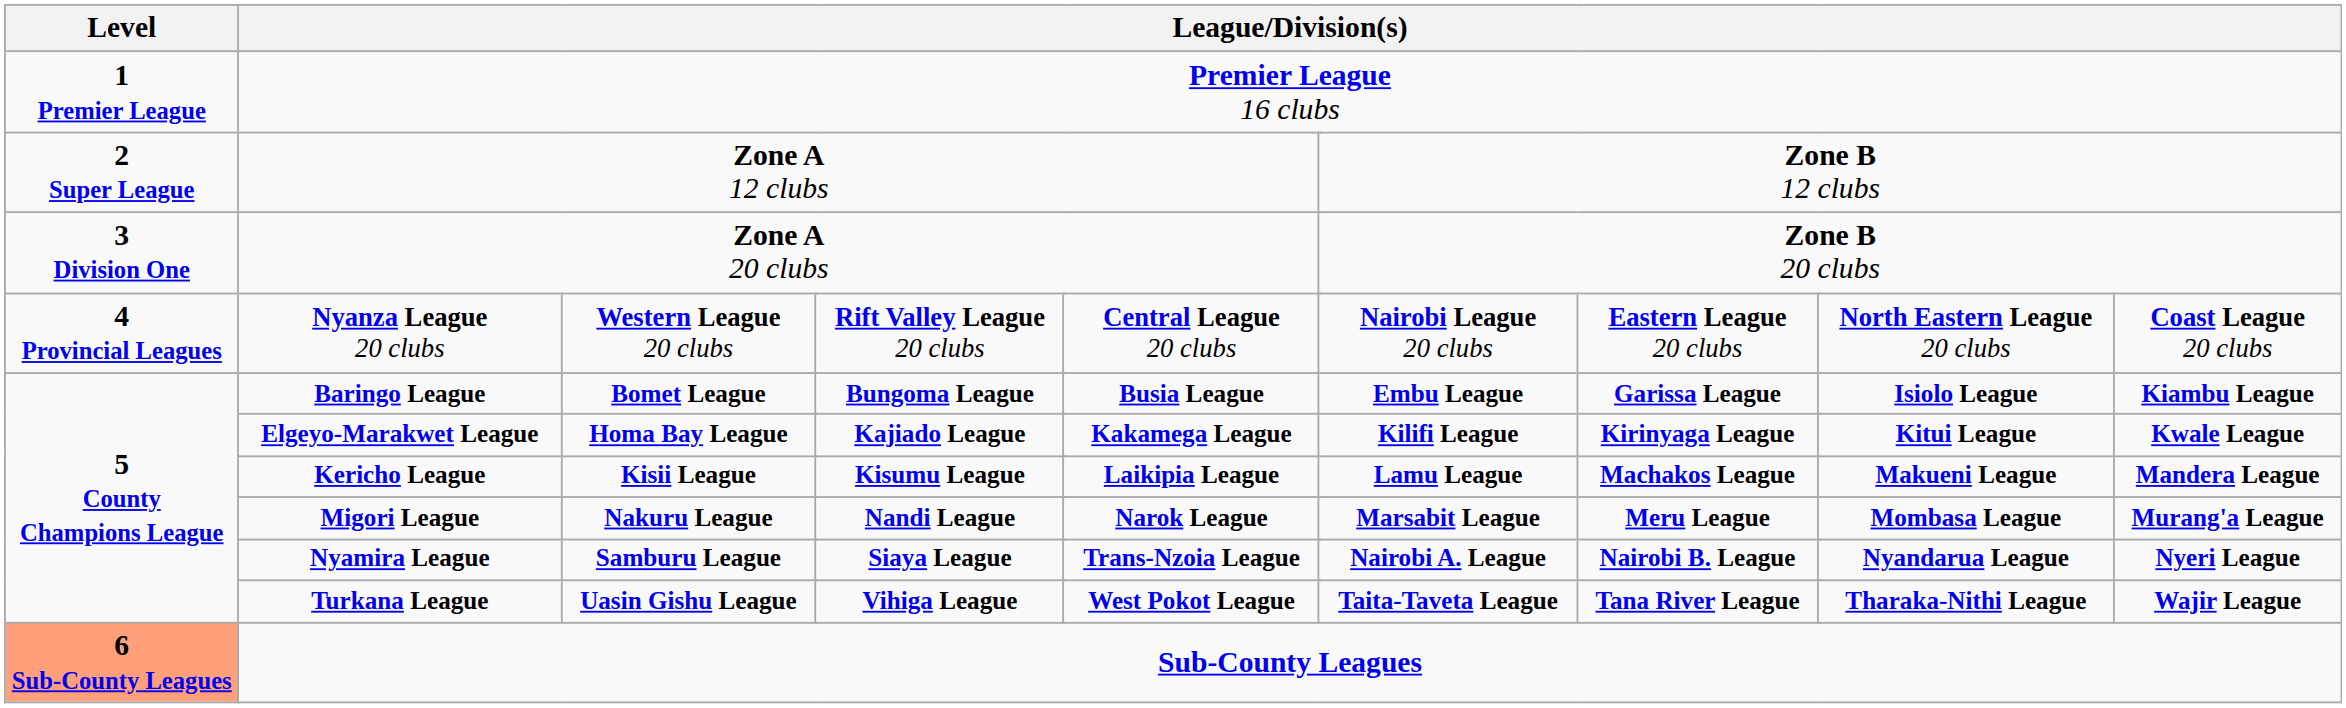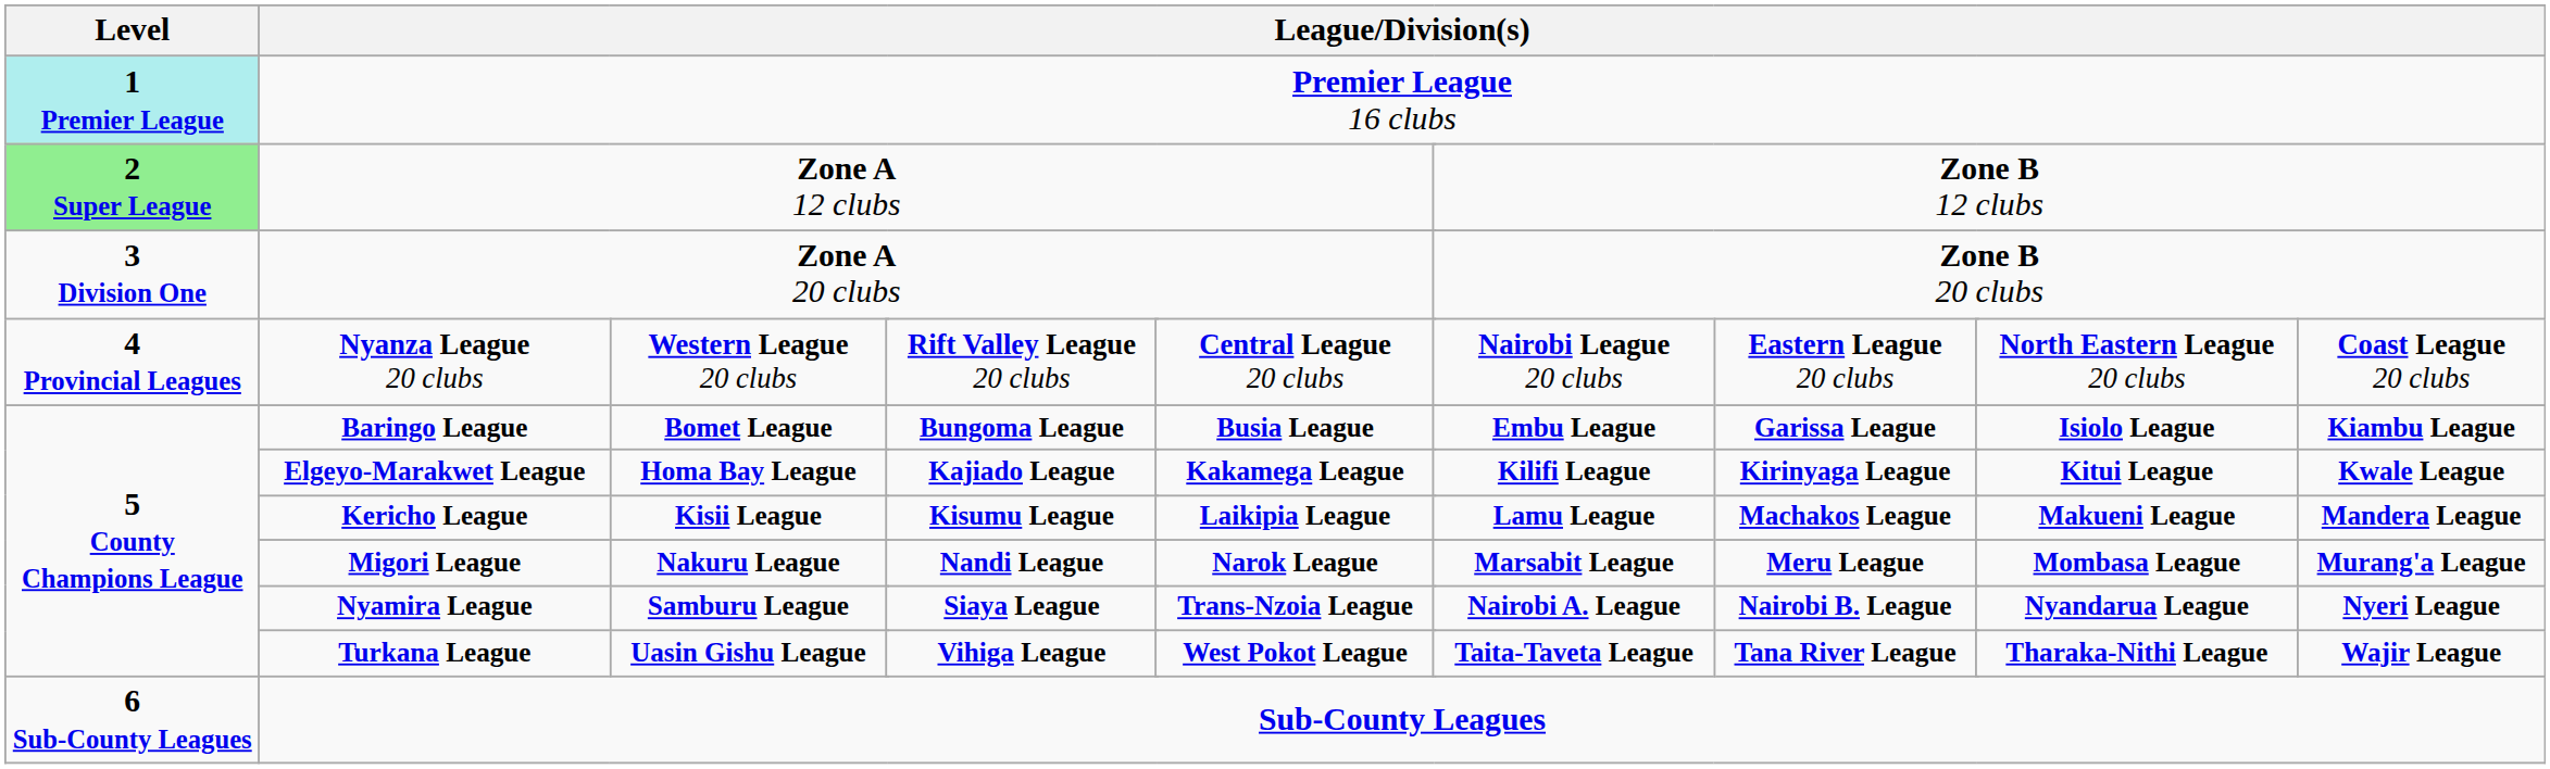 <table class="wikitable" align="center" style="width: 100%; text-align: center;">
 <tr>
 <th width="10%">Level</th>
 <th colspan="64">League/Division(s)</th>
 </tr>
 <tr>
-<td><strong>1</strong><br><small><strong><a href='#'>Premier League</a></strong></small></td>
+<td style="background: paleturquoise;"><strong>1</strong><br><small><strong><a href='#'>Premier League</a></strong></small></td>
 <td colspan="64"><strong><a href='#'>Premier League</a></strong><br><em>16 clubs</em></td>
 </tr>
 <tr>
-<td><strong>2</strong><br><small><strong><a href='#'>Super League</a></strong></small></td>
+<td style="background: lightgreen;"><strong>2</strong><br><small><strong><a href='#'>Super League</a></strong></small></td>
 <td colspan="32"><strong>Zone A</strong><br><em>12 clubs</em></td>
 <td colspan="32"><strong>Zone B</strong><br><em>12 clubs</em></td>
 </tr>
 <tr>
 <td><strong>3</strong><br><small><strong><a href='#'>Division One</a></strong></small></td>
 <td colspan="32"><strong>Zone A</strong><br><em>20 clubs</em></td>
 <td colspan="32"><strong>Zone B</strong><br><em>20 clubs</em></td>
 </tr>
 <tr>
 <td><strong>4</strong><br><small><strong><a href='#'>Provincial Leagues</a></strong></small></td>
 <td style="font-size: 90%;" colspan="8"><strong><a href='#'>Nyanza</a> League</strong><br><em>20 clubs</em></td>
 <td style="font-size: 90%;" colspan="8"><strong><a href='#'>Western</a> League</strong><br><em>20 clubs</em></td>
 <td style="font-size: 90%;" colspan="8"><strong><a href='#'>Rift Valley</a> League</strong><br><em>20 clubs</em></td>
 <td style="font-size: 90%;" colspan="8"><strong><a href='#'>Central</a> League</strong><br><em>20 clubs</em></td>
 <td style="font-size: 90%;" colspan="8"><strong><a href='#'>Nairobi</a> League</strong><br><em>20 clubs</em></td>
 <td style="font-size: 90%;" colspan="8"><strong><a href='#'>Eastern</a> League</strong><br><em>20 clubs</em></td>
 <td style="font-size: 90%;" colspan="8"><strong><a href='#'>North Eastern</a> League</strong><br><em>20 clubs</em></td>
 <td style="font-size: 90%;" colspan="8"><strong><a href='#'>Coast</a> League</strong><br><em>20 clubs</em></td>
 </tr>
 <tr>
 <td rowspan="6"><strong>5</strong><br><small><strong><a href='#'>County<br>Champions League</a></strong></small></td>
 <td style="font-size: 85%;" colspan="8"><strong><a href='#'>Baringo</a> League</strong></td>
 <td style="font-size: 85%;" colspan="8"><strong><a href='#'>Bomet</a> League</strong></td>
 <td style="font-size: 85%;" colspan="8"><strong><a href='#'>Bungoma</a> League</strong></td>
 <td style="font-size: 85%;" colspan="8"><strong><a href='#'>Busia</a> League</strong></td>
 <td style="font-size: 85%;" colspan="8"><strong><a href='#'>Embu</a> League</strong></td>
 <td style="font-size: 85%;" colspan="8"><strong><a href='#'>Garissa</a> League</strong></td>
 <td style="font-size: 85%;" colspan="8"><strong><a href='#'>Isiolo</a> League</strong></td>
 <td style="font-size: 85%;" colspan="8"><strong><a href='#'>Kiambu</a> League</strong></td>
 </tr>
 <tr>
 <td style="font-size: 85%;" colspan="8"><strong><a href='#'>Elgeyo-Marakwet</a> League</strong></td>
 <td style="font-size: 85%;" colspan="8"><strong><a href='#'>Homa Bay</a> League</strong></td>
 <td style="font-size: 85%;" colspan="8"><strong><a href='#'>Kajiado</a> League</strong></td>
 <td style="font-size: 85%;" colspan="8"><strong><a href='#'>Kakamega</a> League</strong></td>
 <td style="font-size: 85%;" colspan="8"><strong><a href='#'>Kilifi</a> League</strong></td>
 <td style="font-size: 85%;" colspan="8"><strong><a href='#'>Kirinyaga</a> League</strong></td>
 <td style="font-size: 85%;" colspan="8"><strong><a href='#'>Kitui</a> League</strong></td>
 <td style="font-size: 85%;" colspan="8"><strong><a href='#'>Kwale</a> League</strong></td>
 </tr>
 <tr>
 <td style="font-size: 85%;" colspan="8"><strong><a href='#'>Kericho</a> League</strong></td>
 <td style="font-size: 85%;" colspan="8"><strong><a href='#'>Kisii</a> League</strong></td>
 <td style="font-size: 85%;" colspan="8"><strong><a href='#'>Kisumu</a> League</strong></td>
 <td style="font-size: 85%;" colspan="8"><strong><a href='#'>Laikipia</a> League</strong></td>
 <td style="font-size: 85%;" colspan="8"><strong><a href='#'>Lamu</a> League</strong></td>
 <td style="font-size: 85%;" colspan="8"><strong><a href='#'>Machakos</a> League</strong></td>
 <td style="font-size: 85%;" colspan="8"><strong><a href='#'>Makueni</a> League</strong></td>
 <td style="font-size: 85%;" colspan="8"><strong><a href='#'>Mandera</a> League</strong></td>
 </tr>
 <tr>
 <td style="font-size: 85%;" colspan="8"><strong><a href='#'>Migori</a> League</strong></td>
 <td style="font-size: 85%;" colspan="8"><strong><a href='#'>Nakuru</a> League</strong></td>
 <td style="font-size: 85%;" colspan="8"><strong><a href='#'>Nandi</a> League</strong></td>
 <td style="font-size: 85%;" colspan="8"><strong><a href='#'>Narok</a> League</strong></td>
 <td style="font-size: 85%;" colspan="8"><strong><a href='#'>Marsabit</a> League</strong></td>
 <td style="font-size: 85%;" colspan="8"><strong><a href='#'>Meru</a> League</strong></td>
 <td style="font-size: 85%;" colspan="8"><strong><a href='#'>Mombasa</a> League</strong></td>
 <td style="font-size: 85%;" colspan="8"><strong><a href='#'>Murang'a</a> League</strong></td>
 </tr>
 <tr>
 <td style="font-size: 85%;" colspan="8"><strong><a href='#'>Nyamira</a> League</strong></td>
 <td style="font-size: 85%;" colspan="8"><strong><a href='#'>Samburu</a> League</strong></td>
 <td style="font-size: 85%;" colspan="8"><strong><a href='#'>Siaya</a> League</strong></td>
 <td style="font-size: 85%;" colspan="8"><strong><a href='#'>Trans-Nzoia</a> League</strong></td>
 <td style="font-size: 85%;" colspan="8"><strong><a href='#'>Nairobi A.</a> League</strong></td>
 <td style="font-size: 85%;" colspan="8"><strong><a href='#'>Nairobi B.</a> League</strong></td>
 <td style="font-size: 85%;" colspan="8"><strong><a href='#'>Nyandarua</a> League</strong></td>
 <td style="font-size: 85%;" colspan="8"><strong><a href='#'>Nyeri</a> League</strong></td>
 </tr>
 <tr>
 <td style="font-size: 85%;" colspan="8"><strong><a href='#'>Turkana</a> League</strong></td>
 <td style="font-size: 85%;" colspan="8"><strong><a href='#'>Uasin Gishu</a> League</strong></td>
 <td style="font-size: 85%;" colspan="8"><strong><a href='#'>Vihiga</a> League</strong></td>
 <td style="font-size: 85%;" colspan="8"><strong><a href='#'>West Pokot</a> League</strong></td>
 <td style="font-size: 85%;" colspan="8"><strong><a href='#'>Taita-Taveta</a> League</strong></td>
 <td style="font-size: 85%;" colspan="8"><strong><a href='#'>Tana River</a> League</strong></td>
 <td style="font-size: 85%;" colspan="8"><strong><a href='#'>Tharaka-Nithi</a> League</strong></td>
 <td style="font-size: 85%;" colspan="8"><strong><a href='#'>Wajir</a> League</strong></td>
 </tr>
 <tr>
-<td style="background: lightsalmon;"><strong>6</strong><br><small><strong><a href='#'>Sub-County Leagues</a></strong></small></td>
+<td><strong>6</strong><br><small><strong><a href='#'>Sub-County Leagues</a></strong></small></td>
 <td colspan="64"><strong><a href='#'>Sub-County Leagues</a></strong></td>
 </tr>
 </table>
